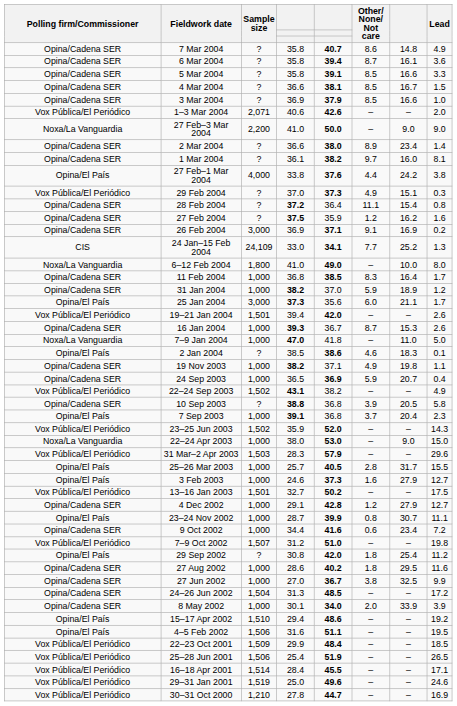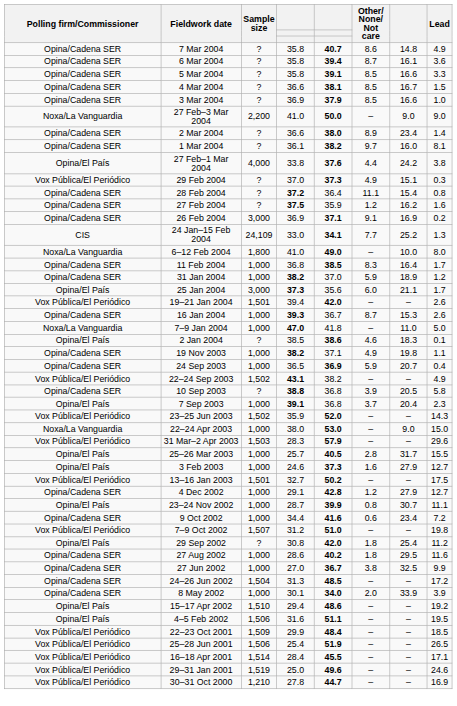 <table class="wikitable collapsible collapsed" style="text-align:center; font-size:90%; line-height:14px;">
 <tr style="height:42px;">
 <th style="width:250px;" rowspan="3">Polling firm/Commissioner</th>
 <th style="width:125px;" rowspan="3">Fieldwork date</th>
 <th style="width:50px;" rowspan="3">Sample size</th>
 <th style="width:55px;"></th>
 <th style="width:55px;"></th>
 <th style="width:55px;" rowspan="3">Other/<br>None/<br>Not<br>care</th>
 <th style="width:55px;" rowspan="3"></th>
 <th style="width:30px;" rowspan="3">Lead</th>
 </tr>
 <tr>
 <th style="color:inherit;background:"></th>
 <th style="color:inherit;background:"></th>
 </tr>
 <tr>
 <th></th>
 <th></th>
 </tr>
 <tr>
 <td>Opina/Cadena SER</td>
 <td>7 Mar 2004</td>
 <td>?</td>
 <td>35.8</td>
 <td><strong>40.7</strong></td>
 <td>8.6</td>
 <td>14.8</td>
 <td style="background:">4.9</td>
 </tr>
 <tr>
 <td>Opina/Cadena SER</td>
 <td>6 Mar 2004</td>
 <td>?</td>
 <td>35.8</td>
 <td><strong>39.4</strong></td>
 <td>8.7</td>
 <td>16.1</td>
 <td style="background:">3.6</td>
 </tr>
 <tr>
 <td>Opina/Cadena SER</td>
 <td>5 Mar 2004</td>
 <td>?</td>
 <td>35.8</td>
 <td><strong>39.1</strong></td>
 <td>8.5</td>
 <td>16.6</td>
 <td style="background:">3.3</td>
 </tr>
 <tr>
 <td>Opina/Cadena SER</td>
 <td>4 Mar 2004</td>
 <td>?</td>
 <td>36.6</td>
 <td><strong>38.1</strong></td>
 <td>8.5</td>
 <td>16.7</td>
 <td style="background:">1.5</td>
 </tr>
 <tr>
 <td>Opina/Cadena SER</td>
 <td>3 Mar 2004</td>
 <td>?</td>
 <td>36.9</td>
 <td><strong>37.9</strong></td>
 <td>8.5</td>
 <td>16.6</td>
 <td style="background:">1.0</td>
-</tr>
-<tr>
-<td>Vox Pública/El Periódico</td>
-<td>1–3 Mar 2004</td>
-<td>2,071</td>
-<td>40.6</td>
-<td><strong>42.6</strong></td>
-<td>–</td>
-<td>–</td>
-<td style="background:">2.0</td>
 </tr>
 <tr>
 <td>Noxa/La Vanguardia</td>
 <td>27 Feb–3 Mar 2004</td>
 <td>2,200</td>
 <td>41.0</td>
 <td><strong>50.0</strong></td>
 <td>–</td>
 <td>9.0</td>
 <td style="background:">9.0</td>
 </tr>
 <tr>
 <td>Opina/Cadena SER</td>
 <td>2 Mar 2004</td>
 <td>?</td>
 <td>36.6</td>
 <td><strong>38.0</strong></td>
 <td>8.9</td>
 <td>23.4</td>
 <td style="background:">1.4</td>
 </tr>
 <tr>
 <td>Opina/Cadena SER</td>
 <td>1 Mar 2004</td>
 <td>?</td>
 <td>36.1</td>
 <td><strong>38.2</strong></td>
 <td>9.7</td>
 <td>16.0</td>
 <td style="background:">8.1</td>
 </tr>
 <tr>
 <td>Opina/El País</td>
 <td>27 Feb–1 Mar 2004</td>
 <td>4,000</td>
 <td>33.8</td>
 <td><strong>37.6</strong></td>
 <td>4.4</td>
 <td>24.2</td>
 <td style="background:">3.8</td>
 </tr>
 <tr>
 <td>Vox Pública/El Periódico</td>
 <td>29 Feb 2004</td>
 <td>?</td>
 <td>37.0</td>
 <td><strong>37.3</strong></td>
 <td>4.9</td>
 <td>15.1</td>
 <td style="background:">0.3</td>
 </tr>
 <tr>
 <td>Opina/Cadena SER</td>
 <td>28 Feb 2004</td>
 <td>?</td>
 <td><strong>37.2</strong></td>
 <td>36.4</td>
 <td>11.1</td>
 <td>15.4</td>
 <td style="background:">0.8</td>
 </tr>
 <tr>
 <td>Opina/Cadena SER</td>
 <td>27 Feb 2004</td>
 <td>?</td>
 <td><strong>37.5</strong></td>
 <td>35.9</td>
 <td>1.2</td>
 <td>16.2</td>
 <td style="background:">1.6</td>
 </tr>
 <tr>
 <td>Opina/Cadena SER</td>
 <td>26 Feb 2004</td>
 <td>3,000</td>
 <td>36.9</td>
 <td><strong>37.1</strong></td>
 <td>9.1</td>
 <td>16.9</td>
 <td style="background:">0.2</td>
 </tr>
 <tr>
 <td>CIS</td>
 <td>24 Jan–15 Feb 2004</td>
 <td>24,109</td>
 <td>33.0</td>
 <td><strong>34.1</strong></td>
 <td>7.7</td>
 <td>25.2</td>
 <td style="background:">1.3</td>
 </tr>
 <tr>
 <td>Noxa/La Vanguardia</td>
 <td>6–12 Feb 2004</td>
 <td>1,800</td>
 <td>41.0</td>
 <td><strong>49.0</strong></td>
 <td>–</td>
 <td>10.0</td>
 <td style="background:">8.0</td>
 </tr>
 <tr>
 <td>Opina/Cadena SER</td>
 <td>11 Feb 2004</td>
 <td>1,000</td>
 <td>36.8</td>
 <td><strong>38.5</strong></td>
 <td>8.3</td>
 <td>16.4</td>
 <td style="background:">1.7</td>
 </tr>
 <tr>
 <td>Opina/Cadena SER</td>
 <td>31 Jan 2004</td>
 <td>1,000</td>
 <td><strong>38.2</strong></td>
 <td>37.0</td>
 <td>5.9</td>
 <td>18.9</td>
 <td style="background:">1.2</td>
 </tr>
 <tr>
 <td>Opina/El País</td>
 <td>25 Jan 2004</td>
 <td>3,000</td>
 <td><strong>37.3</strong></td>
 <td>35.6</td>
 <td>6.0</td>
 <td>21.1</td>
 <td style="background:">1.7</td>
 </tr>
 <tr>
 <td>Vox Pública/El Periódico</td>
 <td>19–21 Jan 2004</td>
 <td>1,501</td>
 <td>39.4</td>
 <td><strong>42.0</strong></td>
 <td>–</td>
 <td>–</td>
 <td style="background:">2.6</td>
 </tr>
 <tr>
 <td>Opina/Cadena SER</td>
 <td>16 Jan 2004</td>
 <td>1,000</td>
 <td><strong>39.3</strong></td>
 <td>36.7</td>
 <td>8.7</td>
 <td>15.3</td>
 <td style="background:">2.6</td>
 </tr>
 <tr>
 <td>Noxa/La Vanguardia</td>
 <td>7–9 Jan 2004</td>
 <td>1,000</td>
 <td><strong>47.0</strong></td>
 <td>41.8</td>
 <td>–</td>
 <td>11.0</td>
 <td style="background:">5.0</td>
 </tr>
 <tr>
 <td>Opina/El País</td>
 <td>2 Jan 2004</td>
 <td>?</td>
 <td>38.5</td>
 <td><strong>38.6</strong></td>
 <td>4.6</td>
 <td>18.3</td>
 <td style="background:">0.1</td>
 </tr>
 <tr>
 <td>Opina/Cadena SER</td>
 <td>19 Nov 2003</td>
 <td>1,000</td>
 <td><strong>38.2</strong></td>
 <td>37.1</td>
 <td>4.9</td>
 <td>19.8</td>
 <td style="background:">1.1</td>
 </tr>
 <tr>
 <td>Opina/Cadena SER</td>
 <td>24 Sep 2003</td>
 <td>1,000</td>
 <td>36.5</td>
 <td><strong>36.9</strong></td>
 <td>5.9</td>
 <td>20.7</td>
 <td style="background:">0.4</td>
 </tr>
 <tr>
 <td>Vox Pública/El Periódico</td>
 <td>22–24 Sep 2003</td>
 <td>1,502</td>
 <td><strong>43.1</strong></td>
 <td>38.2</td>
 <td>–</td>
 <td>–</td>
 <td style="background:">4.9</td>
 </tr>
 <tr>
 <td>Opina/Cadena SER</td>
 <td>10 Sep 2003</td>
 <td>?</td>
 <td><strong>38.8</strong></td>
 <td>36.8</td>
 <td>3.9</td>
 <td>20.5</td>
 <td style="background:">5.8</td>
 </tr>
 <tr>
 <td>Opina/El País</td>
 <td>7 Sep 2003</td>
 <td>1,000</td>
 <td><strong>39.1</strong></td>
 <td>36.8</td>
 <td>3.7</td>
 <td>20.4</td>
 <td style="background:">2.3</td>
 </tr>
 <tr>
 <td>Vox Pública/El Periódico</td>
 <td>23–25 Jun 2003</td>
 <td>1,502</td>
 <td>35.9</td>
 <td><strong>52.0</strong></td>
 <td>–</td>
 <td>–</td>
 <td style="background:">14.3</td>
 </tr>
 <tr>
 <td>Noxa/La Vanguardia</td>
 <td>22–24 Apr 2003</td>
 <td>1,000</td>
 <td>38.0</td>
 <td><strong>53.0</strong></td>
 <td>–</td>
 <td>9.0</td>
 <td style="background:">15.0</td>
 </tr>
 <tr>
 <td>Vox Pública/El Periódico</td>
 <td>31 Mar–2 Apr 2003</td>
 <td>1,503</td>
 <td>28.3</td>
 <td><strong>57.9</strong></td>
 <td>–</td>
 <td>–</td>
 <td style="background:">29.6</td>
 </tr>
 <tr>
 <td>Opina/El País</td>
 <td>25–26 Mar 2003</td>
 <td>1,000</td>
 <td>25.7</td>
 <td><strong>40.5</strong></td>
 <td>2.8</td>
 <td>31.7</td>
 <td style="background:">15.5</td>
 </tr>
 <tr>
 <td>Opina/El País</td>
 <td>3 Feb 2003</td>
 <td>1,000</td>
 <td>24.6</td>
 <td><strong>37.3</strong></td>
 <td>1.6</td>
 <td>27.9</td>
 <td style="background:">12.7</td>
 </tr>
 <tr>
 <td>Vox Pública/El Periódico</td>
 <td>13–16 Jan 2003</td>
 <td>1,501</td>
 <td>32.7</td>
 <td><strong>50.2</strong></td>
 <td>–</td>
 <td>–</td>
 <td style="background:">17.5</td>
 </tr>
 <tr>
 <td>Opina/Cadena SER</td>
 <td>4 Dec 2002</td>
 <td>1,000</td>
 <td>29.1</td>
 <td><strong>42.8</strong></td>
 <td>1.2</td>
 <td>27.9</td>
 <td style="background:">12.7</td>
 </tr>
 <tr>
 <td>Opina/El País</td>
 <td>23–24 Nov 2002</td>
 <td>1,000</td>
 <td>28.7</td>
 <td><strong>39.9</strong></td>
 <td>0.8</td>
 <td>30.7</td>
 <td style="background:">11.1</td>
 </tr>
 <tr>
 <td>Opina/Cadena SER</td>
 <td>9 Oct 2002</td>
 <td>1,000</td>
 <td>34.4</td>
 <td><strong>41.6</strong></td>
 <td>0.6</td>
 <td>23.4</td>
 <td style="background:">7.2</td>
 </tr>
 <tr>
 <td>Vox Pública/El Periódico</td>
 <td>7–9 Oct 2002</td>
 <td>1,507</td>
 <td>31.2</td>
 <td><strong>51.0</strong></td>
 <td>–</td>
 <td>–</td>
 <td style="background:">19.8</td>
 </tr>
 <tr>
 <td>Opina/El País</td>
 <td>29 Sep 2002</td>
 <td>?</td>
 <td>30.8</td>
 <td><strong>42.0</strong></td>
 <td>1.8</td>
 <td>25.4</td>
 <td style="background:">11.2</td>
 </tr>
 <tr>
 <td>Opina/Cadena SER</td>
 <td>27 Aug 2002</td>
 <td>1,000</td>
 <td>28.6</td>
 <td><strong>40.2</strong></td>
 <td>1.8</td>
 <td>29.5</td>
 <td style="background:">11.6</td>
 </tr>
 <tr>
 <td>Opina/Cadena SER</td>
 <td>27 Jun 2002</td>
 <td>1,000</td>
 <td>27.0</td>
 <td><strong>36.7</strong></td>
 <td>3.8</td>
 <td>32.5</td>
 <td style="background:">9.9</td>
 </tr>
 <tr>
 <td>Opina/Cadena SER</td>
 <td>24–26 Jun 2002</td>
 <td>1,504</td>
 <td>31.3</td>
 <td><strong>48.5</strong></td>
 <td>–</td>
 <td>–</td>
 <td style="background:">17.2</td>
 </tr>
 <tr>
 <td>Opina/Cadena SER</td>
 <td>8 May 2002</td>
 <td>1,000</td>
 <td>30.1</td>
 <td><strong>34.0</strong></td>
 <td>2.0</td>
 <td>33.9</td>
 <td style="background:">3.9</td>
 </tr>
 <tr>
 <td>Opina/El País</td>
 <td>15–17 Apr 2002</td>
 <td>1,510</td>
 <td>29.4</td>
 <td><strong>48.6</strong></td>
 <td>–</td>
 <td>–</td>
 <td style="background:">19.2</td>
 </tr>
 <tr>
 <td>Opina/El País</td>
 <td>4–5 Feb 2002</td>
 <td>1,506</td>
 <td>31.6</td>
 <td><strong>51.1</strong></td>
 <td>–</td>
 <td>–</td>
 <td style="background:">19.5</td>
 </tr>
 <tr>
 <td>Vox Pública/El Periódico</td>
 <td>22–23 Oct 2001</td>
 <td>1,509</td>
 <td>29.9</td>
 <td><strong>48.4</strong></td>
 <td>–</td>
 <td>–</td>
 <td style="background:">18.5</td>
 </tr>
 <tr>
 <td>Vox Pública/El Periódico</td>
 <td>25–28 Jun 2001</td>
 <td>1,506</td>
 <td>25.4</td>
 <td><strong>51.9</strong></td>
 <td>–</td>
 <td>–</td>
 <td style="background:">26.5</td>
 </tr>
 <tr>
 <td>Vox Pública/El Periódico</td>
 <td>16–18 Apr 2001</td>
 <td>1,514</td>
 <td>28.4</td>
 <td><strong>45.5</strong></td>
 <td>–</td>
 <td>–</td>
 <td style="background:">17.1</td>
 </tr>
 <tr>
 <td>Vox Pública/El Periódico</td>
 <td>29–31 Jan 2001</td>
 <td>1,519</td>
 <td>25.0</td>
 <td><strong>49.6</strong></td>
 <td>–</td>
 <td>–</td>
 <td style="background:">24.6</td>
 </tr>
 <tr>
 <td>Vox Pública/El Periódico</td>
 <td>30–31 Oct 2000</td>
 <td>1,210</td>
 <td>27.8</td>
 <td><strong>44.7</strong></td>
 <td>–</td>
 <td>–</td>
 <td style="background:">16.9</td>
 </tr>
 </table>
